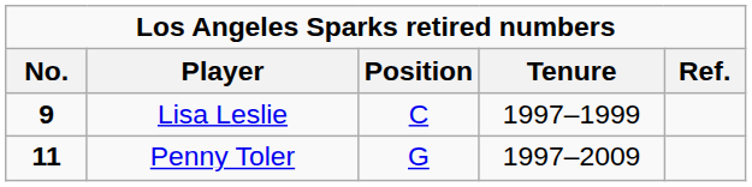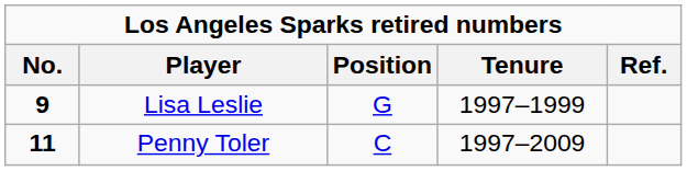 <table class="wikitable" style="text-align:center">
 <tr>
 <td colspan="5"><strong>Los Angeles Sparks retired numbers</strong></td>
 </tr>
 <tr>
 <th style="width:40px; ">No.</th>
 <th style="width:150px; ">Player</th>
 <th style="width:40px; ">Position</th>
 <th style="width:100px; ">Tenure</th>
 <th style="width:40px; ">Ref.</th>
 </tr>
 <tr>
 <td><strong>9</strong></td>
 <td><a href='#'>Lisa Leslie</a></td>
-<td><a href='#'>C</a></td>
+<td><a href='#'>G</a></td>
 <td>1997–1999</td>
 <td></td>
 </tr>
 <tr>
 <td><strong>11</strong></td>
 <td><a href='#'>Penny Toler</a></td>
-<td><a href='#'>G</a></td>
+<td><a href='#'>C</a></td>
 <td>1997–2009</td>
 <td></td>
 </tr>
 </table>
